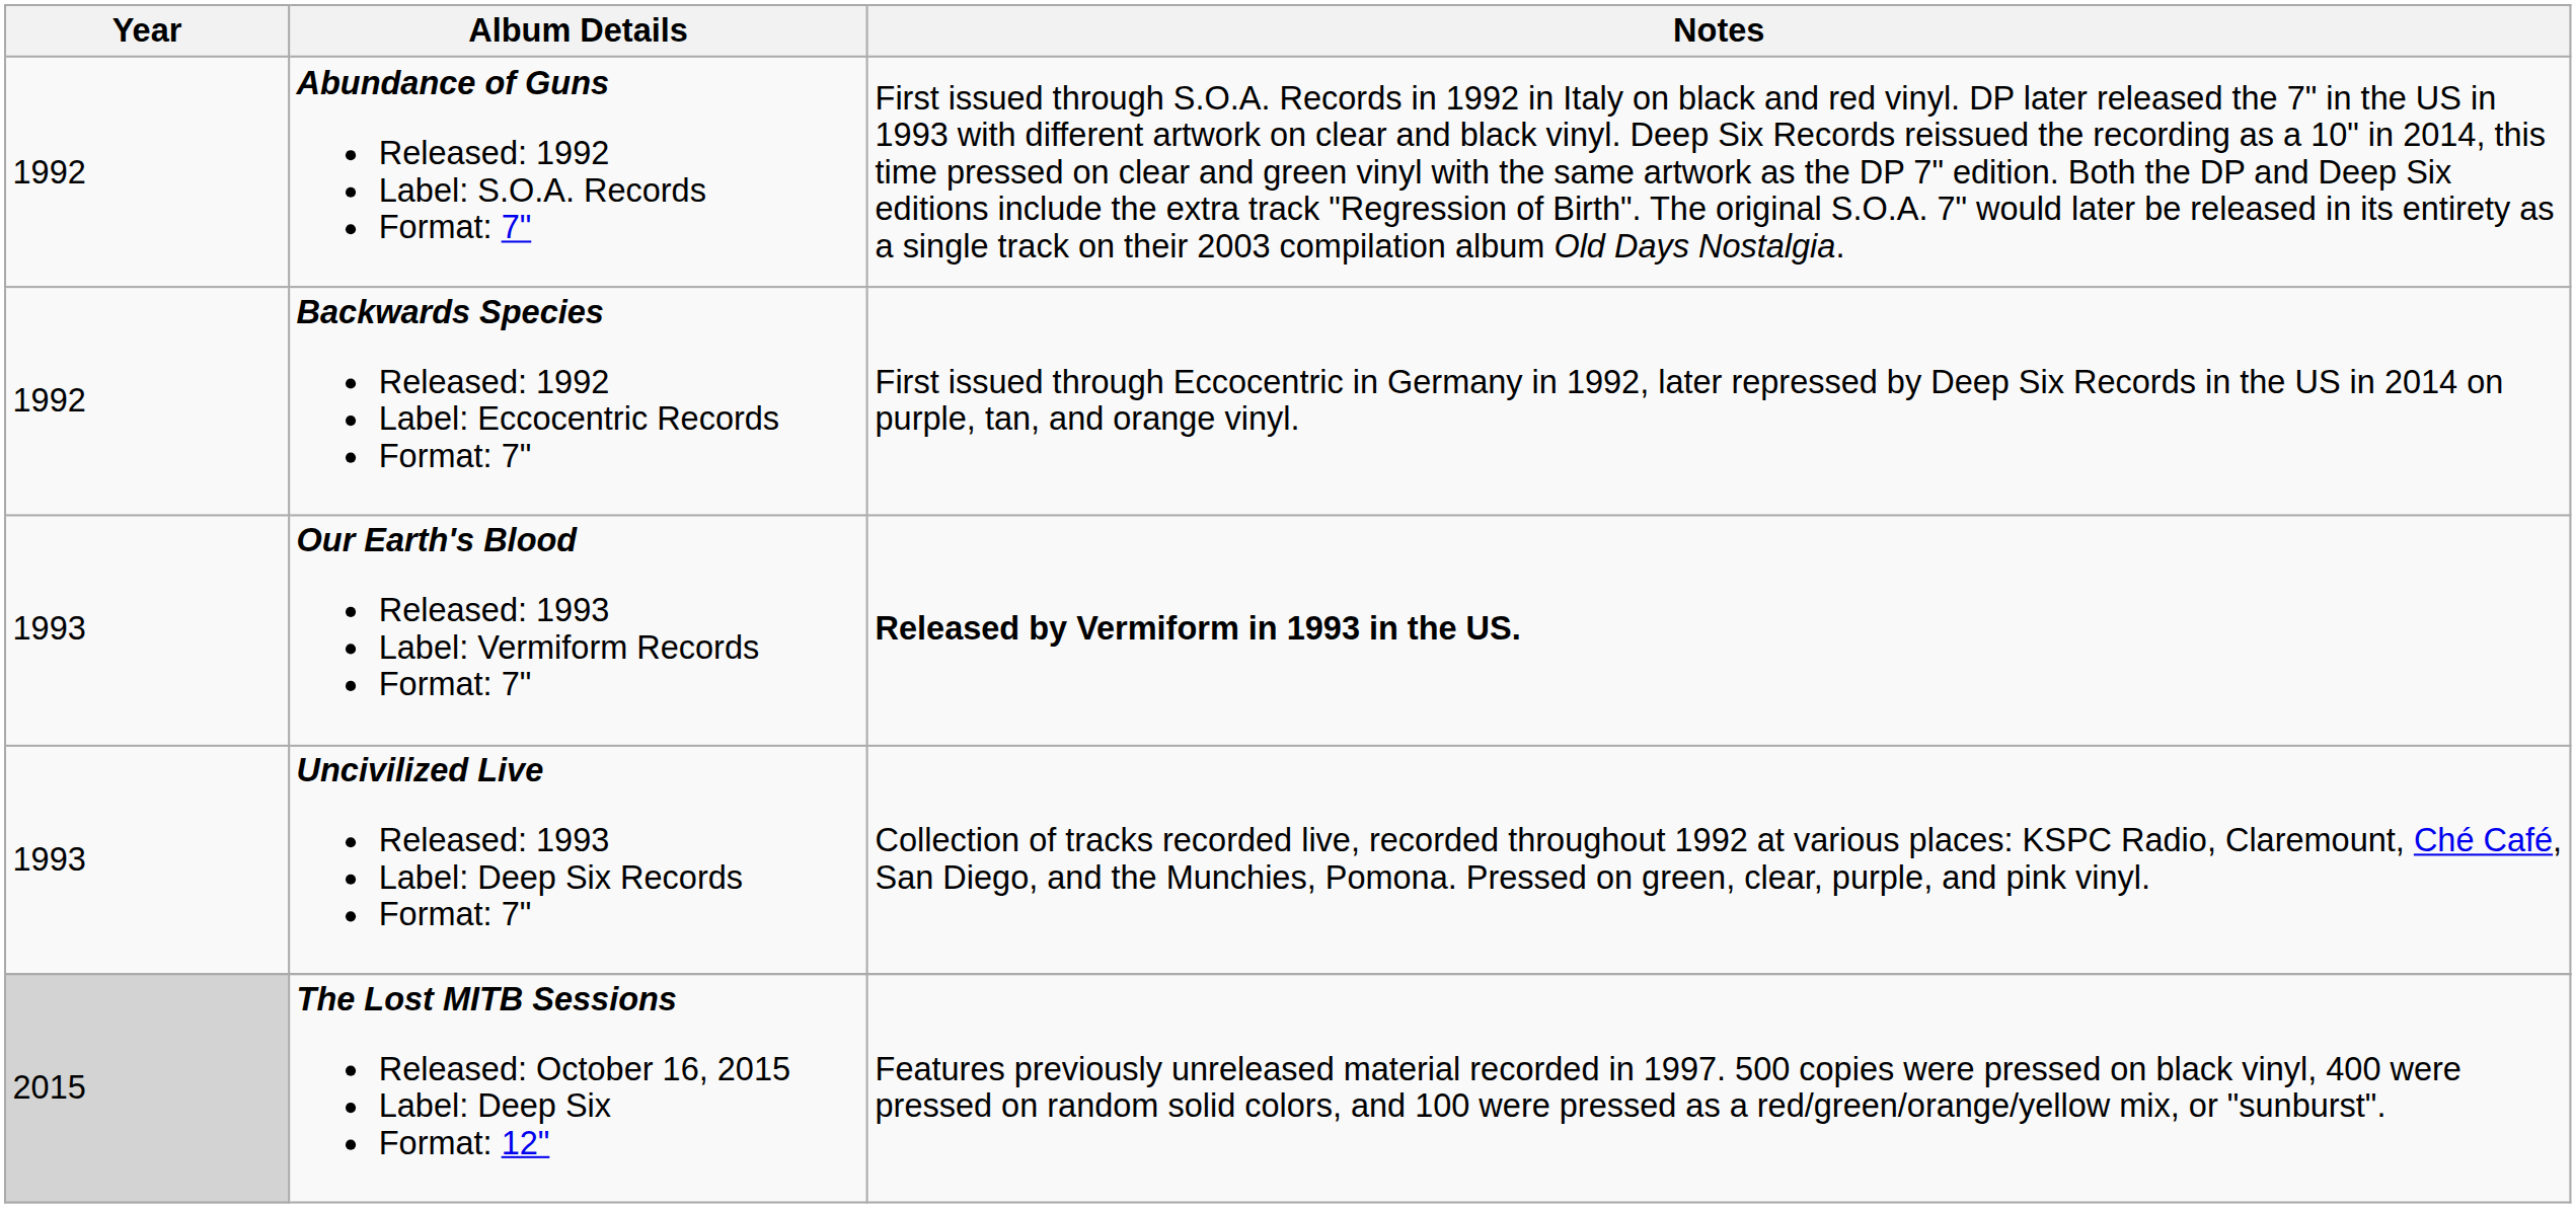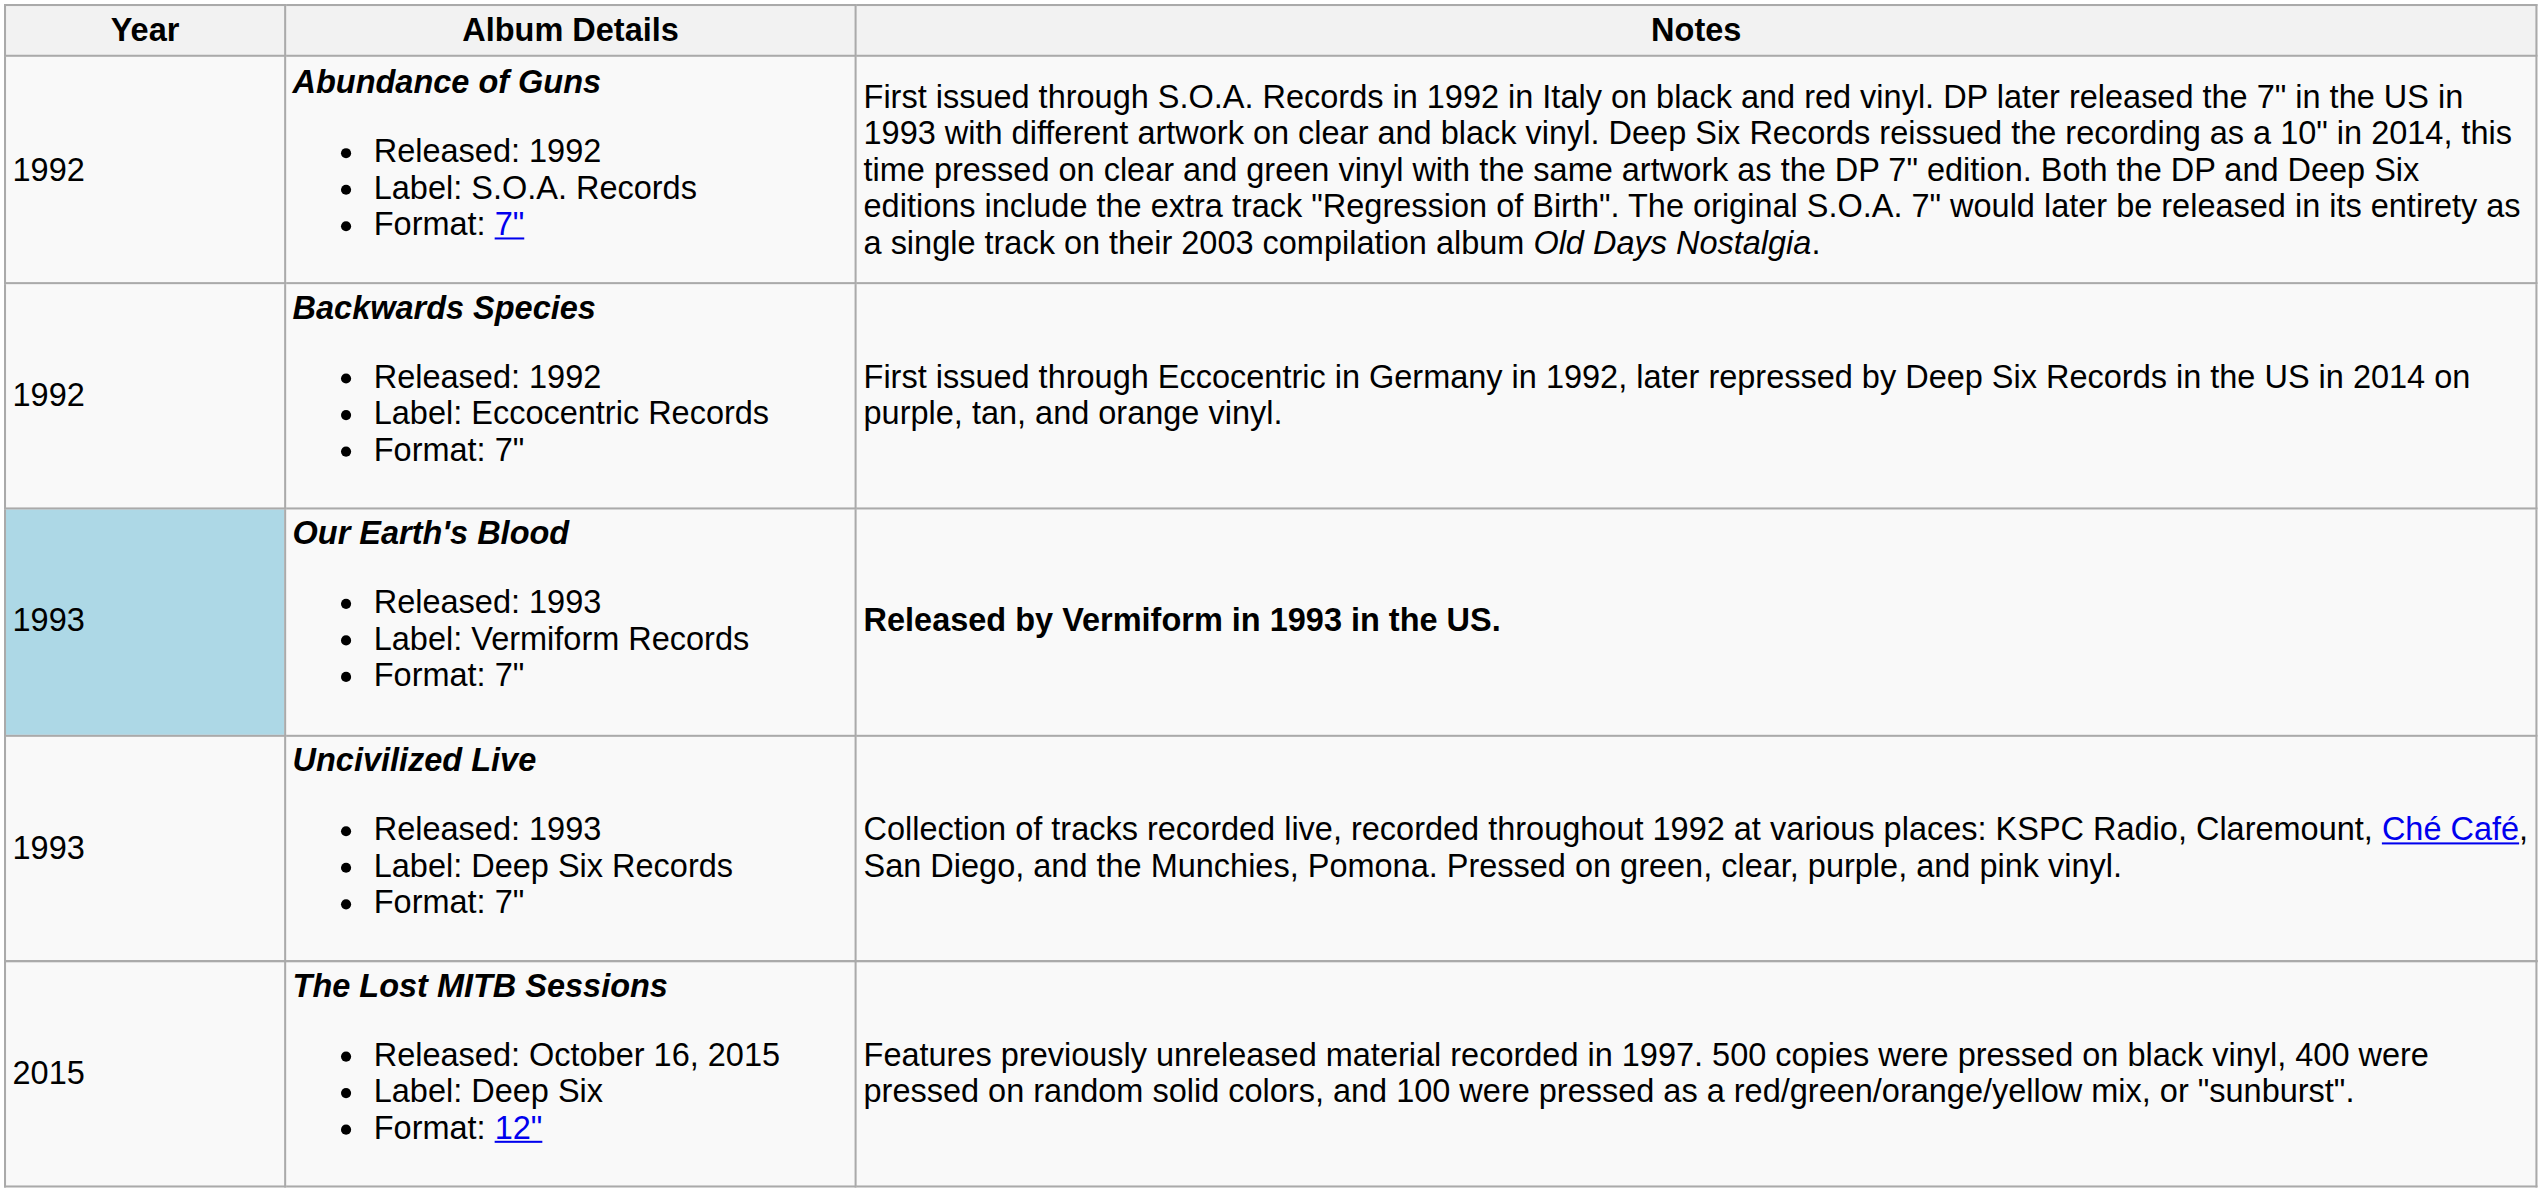 <table class ="wikitable">
 <tr>
 <th style="width: 5%">Year</th>
 <th style="width:10%">Album Details</th>
 <th style="width:30%">Notes</th>
 </tr>
 <tr>
 <td>1992</td>
 <td><strong><em>Abundance of Guns</em></strong><br><ul><li>Released: 1992</li><li>Label: S.O.A. Records</li><li>Format: <a href='#'>7"</a></li></ul></td>
 <td>First issued through S.O.A. Records in 1992 in Italy on black and red vinyl. DP later released the 7" in the US in 1993 with different artwork on clear and black vinyl. Deep Six Records reissued the recording as a 10" in 2014, this time pressed on clear and green vinyl with the same artwork as the DP 7" edition. Both the DP and Deep Six editions include the extra track "Regression of Birth". The original S.O.A. 7" would later be released in its entirety as a single track on their 2003 compilation album <em>Old Days Nostalgia</em>.</td>
 </tr>
 <tr>
 <td>1992</td>
 <td><strong><em>Backwards Species</em></strong><br><ul><li>Released: 1992</li><li>Label: Eccocentric Records</li><li>Format: 7"</li></ul></td>
 <td>First issued through Eccocentric in Germany in 1992, later repressed by Deep Six Records in the US in 2014 on purple, tan, and orange vinyl.</td>
 </tr>
 <tr>
-<td>1993</td>
+<td style="background: lightblue;">1993</td>
 <td><strong><em>Our Earth's Blood</em></strong><br><ul><li>Released: 1993</li><li>Label: Vermiform Records</li><li>Format: 7"</li></ul></td>
 <td><strong>Released by Vermiform in 1993 in the US.</strong></td>
 </tr>
 <tr>
 <td>1993</td>
 <td><strong><em>Uncivilized Live</em></strong><br><ul><li>Released: 1993</li><li>Label: Deep Six Records</li><li>Format: 7"</li></ul></td>
 <td>Collection of tracks recorded live, recorded throughout 1992 at various places: KSPC Radio, Claremount, <a href='#'>Ché Café</a>, San Diego, and the Munchies, Pomona. Pressed on green, clear, purple, and pink vinyl.</td>
 </tr>
 <tr>
 </tr>
 <tr>
-<td style="background: lightgrey;">2015</td>
+<td>2015</td>
 <td><strong><em>The Lost MITB Sessions</em></strong><br><ul><li>Released: October 16, 2015</li><li>Label: Deep Six</li><li>Format: <a href='#'>12"</a></li></ul></td>
 <td>Features previously unreleased material recorded in 1997. 500 copies were pressed on black vinyl, 400 were pressed on random solid colors, and 100 were pressed as a red/green/orange/yellow mix, or "sunburst".</td>
 </tr>
 </table>
